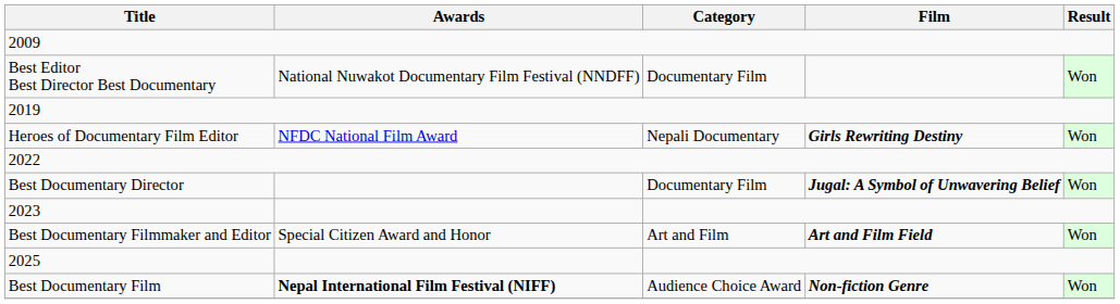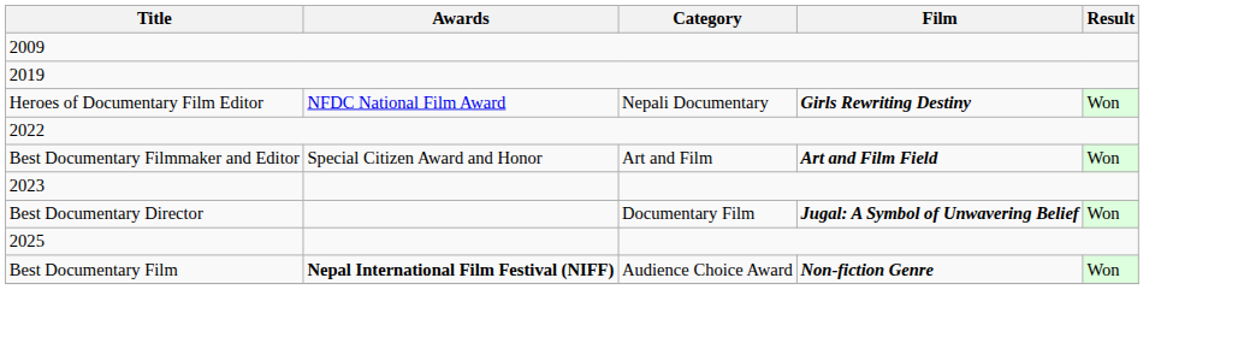 <table class="wikitable sortable mw-collapsible">
 <tr>
 <th>Title</th>
 <th>Awards</th>
 <th>Category</th>
 <th>Film</th>
 <th>Result</th>
 </tr>
 <tr>
 <td colspan="5">2009</td>
-</tr>
-<tr>
-<td>Best Editor<br>Best Director Best Documentary</td>
-<td>National Nuwakot Documentary Film Festival (NNDFF)</td>
-<td>Documentary Film</td>
-<td><strong><em></em></strong></td>
-<td style="background: #ddffdd">Won</td>
 </tr>
 <tr>
 <td colspan="5">2019</td>
 </tr>
 <tr>
 <td>Heroes of Documentary Film Editor</td>
 <td><a href='#'>NFDC National Film Award</a></td>
 <td>Nepali Documentary</td>
 <td><strong><em>Girls Rewriting Destiny</em></strong></td>
 <td style="background: #ddffdd">Won</td>
 </tr>
 <tr>
 <td colspan="5">2022</td>
 </tr>
 <tr>
-<td>Best Documentary Director</td>
-<td></td>
-<td>Documentary Film</td>
-<td><strong><em>Jugal: A Symbol of Unwavering Belief</em></strong></td>
+<td>Best Documentary Filmmaker and Editor</td>
+<td>Special Citizen Award and Honor</td>
+<td>Art and Film</td>
+<td><strong><em>Art and Film Field</em></strong></td>
 <td style="background: #ddffdd">Won</td>
 </tr>
 <tr>
 <td>2023</td>
 <td></td>
 </tr>
 <tr>
-<td>Best Documentary Filmmaker and Editor</td>
-<td>Special Citizen Award and Honor</td>
-<td>Art and Film</td>
-<td><strong><em>Art and Film Field</em></strong></td>
+<td>Best Documentary Director</td>
+<td></td>
+<td>Documentary Film</td>
+<td><strong><em>Jugal: A Symbol of Unwavering Belief</em></strong></td>
 <td style="background: #ddffdd">Won</td>
 </tr>
 <tr>
 <td>2025</td>
 <td></td>
 </tr>
 <tr>
 <td>Best Documentary Film</td>
 <td><strong>Nepal International Film Festival (NIFF)</strong></td>
 <td>Audience Choice Award</td>
 <td><strong><em>Non-fiction Genre</em></strong></td>
 <td style="background: #ddffdd">Won</td>
 </tr>
 <tr>
 </tr>
 </table>
